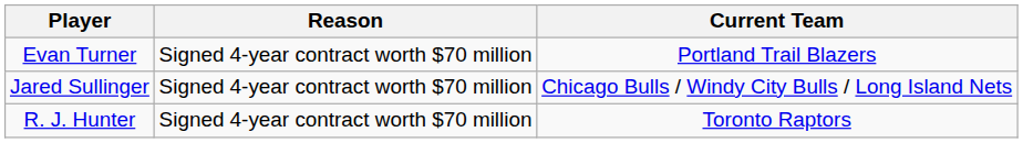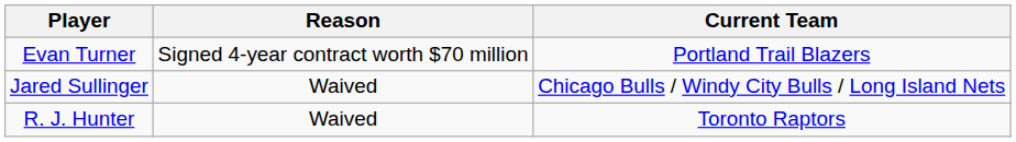 <table class="wikitable sortable sortable">
 <tr>
 <th>Player</th>
 <th>Reason</th>
 <th>Current Team</th>
 </tr>
 <tr style="text-align:center">
 <td><a href='#'>Evan Turner</a></td>
 <td>Signed 4-year contract worth $70 million</td>
 <td><a href='#'>Portland Trail Blazers</a></td>
 </tr>
 <tr style="text-align:center">
 <td><a href='#'>Jared Sullinger</a></td>
-<td>Signed 4-year contract worth $70 million</td>
+<td>Waived</td>
 <td><a href='#'>Chicago Bulls</a> / <a href='#'>Windy City Bulls</a> / <a href='#'>Long Island Nets</a></td>
 </tr>
 <tr style="text-align:center">
 <td><a href='#'>R. J. Hunter</a></td>
-<td>Signed 4-year contract worth $70 million</td>
+<td>Waived</td>
 <td> <a href='#'>Toronto Raptors</a></td>
 </tr>
 </table>
